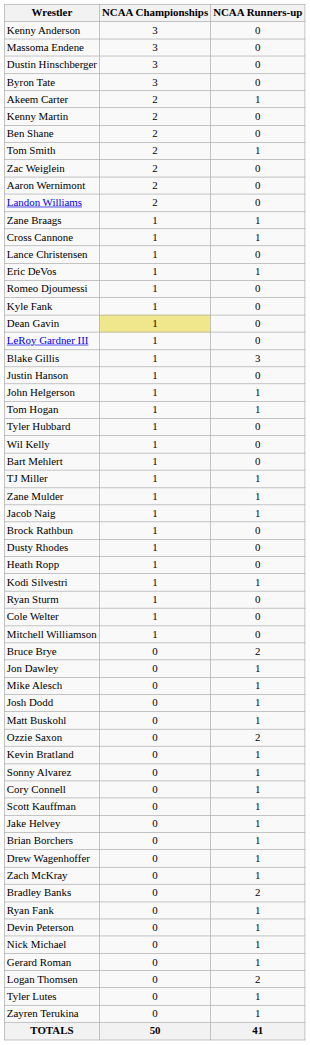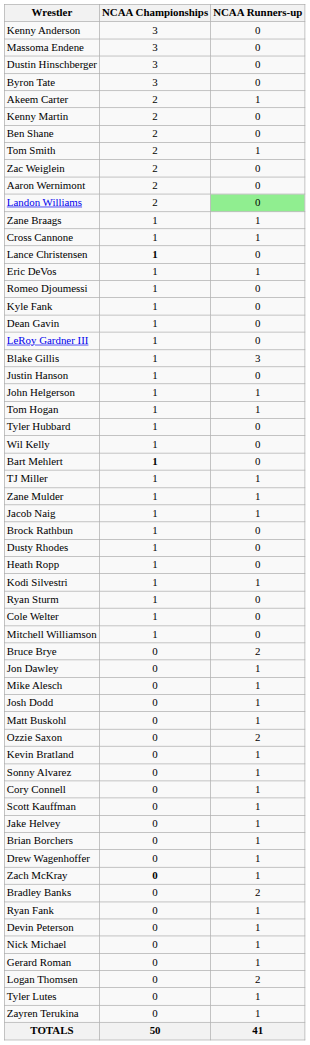 <table class="wikitable">
 <tr>
 <th>Wrestler</th>
 <th>NCAA Championships</th>
 <th>NCAA Runners-up</th>
 </tr>
 <tr>
 <td>Kenny Anderson</td>
 <td align=center>3</td>
 <td align=center>0</td>
 </tr>
 <tr>
 <td>Massoma Endene</td>
 <td align="center">3</td>
 <td align=center>0</td>
 </tr>
 <tr>
 <td>Dustin Hinschberger</td>
 <td align="center">3</td>
 <td align="center">0</td>
 </tr>
 <tr>
 <td>Byron Tate</td>
 <td align="center">3</td>
 <td align="center">0</td>
 </tr>
 <tr>
 <td>Akeem Carter</td>
 <td align="center">2</td>
 <td align="center">1</td>
 </tr>
 <tr>
 <td>Kenny Martin</td>
 <td align=center>2</td>
 <td align=center>0</td>
 </tr>
 <tr>
 <td>Ben Shane</td>
 <td align=center>2</td>
 <td align=center>0</td>
 </tr>
 <tr>
 <td>Tom Smith</td>
 <td align=center>2</td>
 <td align=center>1</td>
 </tr>
 <tr>
 <td>Zac Weiglein</td>
 <td align="center">2</td>
 <td align="center">0</td>
 </tr>
 <tr>
 <td>Aaron Wernimont</td>
 <td align="center">2</td>
 <td align="center">0</td>
 </tr>
 <tr>
 <td><a href='#'>Landon Williams</a></td>
 <td align="center">2</td>
-<td align="center">0</td>
+<td align="center" style="background: lightgreen;">0</td>
 </tr>
 <tr>
 <td>Zane Braags</td>
 <td align=center>1</td>
 <td align=center>1</td>
 </tr>
 <tr>
 <td>Cross Cannone</td>
 <td align=center>1</td>
 <td align=center>1</td>
 </tr>
 <tr>
 <td>Lance Christensen</td>
-<td align=center>1</td>
+<td align=center><strong>1</strong></td>
 <td align=center>0</td>
 </tr>
 <tr>
 <td>Eric DeVos</td>
 <td align=center>1</td>
 <td align=center>1</td>
 </tr>
 <tr>
 <td>Romeo Djoumessi</td>
 <td align="center">1</td>
 <td align="center">0</td>
 </tr>
 <tr>
 <td>Kyle Fank</td>
 <td align=center>1</td>
 <td align=center>0</td>
 </tr>
 <tr>
 <td>Dean Gavin</td>
-<td align=center style="background: khaki;">1</td>
+<td align=center>1</td>
 <td align=center>0</td>
 </tr>
 <tr>
 <td><a href='#'>LeRoy Gardner III</a></td>
 <td align="center">1</td>
 <td align="center">0</td>
 </tr>
 <tr>
 <td>Blake Gillis</td>
 <td align="center">1</td>
 <td align="center">3</td>
 </tr>
 <tr>
 <td>Justin Hanson</td>
 <td align="center">1</td>
 <td align="center">0</td>
 </tr>
 <tr>
 <td>John Helgerson</td>
 <td align="center">1</td>
 <td align="center">1</td>
 </tr>
 <tr>
 <td>Tom Hogan</td>
 <td align=center>1</td>
 <td align=center>1</td>
 </tr>
 <tr>
 <td>Tyler Hubbard</td>
 <td align=center>1</td>
 <td align=center>0</td>
 </tr>
 <tr>
 <td>Wil Kelly</td>
 <td align="center">1</td>
 <td align="center">0</td>
 </tr>
 <tr>
 <td>Bart Mehlert</td>
-<td align="center">1</td>
+<td align="center"><strong>1</strong></td>
 <td align="center">0</td>
 </tr>
 <tr>
 <td>TJ Miller</td>
 <td align="center">1</td>
 <td align="center">1</td>
 </tr>
 <tr>
 <td>Zane Mulder</td>
 <td align=center>1</td>
 <td align=center>1</td>
 </tr>
 <tr>
 <td>Jacob Naig</td>
 <td align="center">1</td>
 <td align="center">1</td>
 </tr>
 <tr>
 <td>Brock Rathbun</td>
 <td align="center">1</td>
 <td align="center">0</td>
 </tr>
 <tr>
 <td>Dusty Rhodes</td>
 <td align="center">1</td>
 <td align="center">0</td>
 </tr>
 <tr>
 <td>Heath Ropp</td>
 <td align="center">1</td>
 <td align="center">0</td>
 </tr>
 <tr>
 <td>Kodi Silvestri</td>
 <td align="center">1</td>
 <td align="center">1</td>
 </tr>
 <tr>
 <td>Ryan Sturm</td>
 <td align="center">1</td>
 <td align="center">0</td>
 </tr>
 <tr>
 <td>Cole Welter</td>
 <td align=center>1</td>
 <td align=center>0</td>
 </tr>
 <tr>
 <td>Mitchell Williamson</td>
 <td align="center">1</td>
 <td align=center>0</td>
 </tr>
 <tr>
 <td>Bruce Brye</td>
 <td align=center>0</td>
 <td align=center>2</td>
 </tr>
 <tr>
 <td>Jon Dawley</td>
 <td align=center>0</td>
 <td align=center>1</td>
 </tr>
 <tr>
 <td>Mike Alesch</td>
 <td align="center">0</td>
 <td align="center">1</td>
 </tr>
 <tr>
 <td>Josh Dodd</td>
 <td align="center">0</td>
 <td align="center">1</td>
 </tr>
 <tr>
 <td>Matt Buskohl</td>
 <td align="center">0</td>
 <td align="center">1</td>
 </tr>
 <tr>
 <td>Ozzie Saxon</td>
 <td align="center">0</td>
 <td align="center">2</td>
 </tr>
 <tr>
 <td>Kevin Bratland</td>
 <td align="center">0</td>
 <td align="center">1</td>
 </tr>
 <tr>
 <td>Sonny Alvarez</td>
 <td align="center">0</td>
 <td align="center">1</td>
 </tr>
 <tr>
 <td>Cory Connell</td>
 <td align="center">0</td>
 <td align="center">1</td>
 </tr>
 <tr>
 <td>Scott Kauffman</td>
 <td align="center">0</td>
 <td align="center">1</td>
 </tr>
 <tr>
 <td>Jake Helvey</td>
 <td align=center>0</td>
 <td align=center>1</td>
 </tr>
 <tr>
 <td>Brian Borchers</td>
 <td align=center>0</td>
 <td align=center>1</td>
 </tr>
 <tr>
 <td>Drew Wagenhoffer</td>
 <td align="center">0</td>
 <td align="center">1</td>
 </tr>
 <tr>
 <td>Zach McKray</td>
-<td align="center">0</td>
+<td align="center"><strong>0</strong></td>
 <td align="center">1</td>
 </tr>
 <tr>
 <td>Bradley Banks</td>
 <td align=center>0</td>
 <td align=center>2</td>
 </tr>
 <tr>
 <td>Ryan Fank</td>
 <td align=center>0</td>
 <td align=center>1</td>
 </tr>
 <tr>
 <td>Devin Peterson</td>
 <td align="center">0</td>
 <td align="center">1</td>
 </tr>
 <tr>
 <td>Nick Michael</td>
 <td align="center">0</td>
 <td align="center">1</td>
 </tr>
 <tr>
 <td>Gerard Roman</td>
 <td align="center">0</td>
 <td align="center">1</td>
 </tr>
 <tr>
 <td>Logan Thomsen</td>
 <td align=center>0</td>
 <td align=center>2</td>
 </tr>
 <tr>
 <td>Tyler Lutes</td>
 <td align=center>0</td>
 <td align=center>1</td>
 </tr>
 <tr>
 <td>Zayren Terukina</td>
 <td align="center">0</td>
 <td align="center">1</td>
 </tr>
 <tr>
 <th>TOTALS</th>
 <th>50</th>
 <th>41</th>
 </tr>
 </table>
